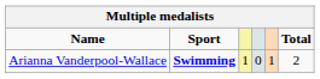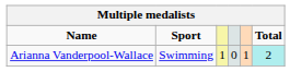 <table class="wikitable" style="font-size:85%; float:right">
 <tr style="background:#efefef;">
 <th colspan=7><strong>Multiple medalists</strong></th>
 </tr>
 <tr align=center>
 <td><strong>Name</strong></td>
 <td><strong>Sport</strong></td>
 <td style="background:#f7f6a8;"></td>
 <td style="background:#dce5e5;"></td>
 <td style="background:#ffdab9;"></td>
 <td><strong>Total</strong></td>
 </tr>
 <tr align=center>
 <td><a href='#'>Arianna Vanderpool-Wallace</a></td>
-<td><strong><a href='#'>Swimming</a></strong></td>
+<td><a href='#'>Swimming</a></td>
 <td style="background:#f7f6a8;">1</td>
 <td style="background:#dce5e5;">0</td>
 <td style="background:#ffdab9;">1</td>
-<td>2</td>
+<td style="background: paleturquoise;">2</td>
 </tr>
 </table>
